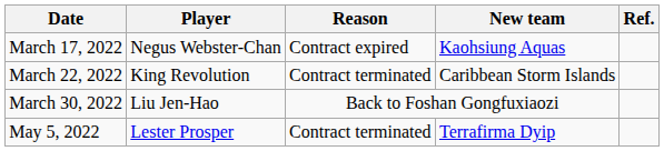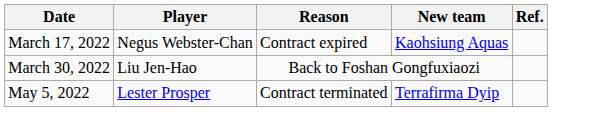 <table class="wikitable">
 <tr>
 <th>Date</th>
 <th>Player</th>
 <th>Reason</th>
 <th>New team</th>
 <th>Ref.</th>
 </tr>
 <tr>
 <td>March 17, 2022</td>
 <td>Negus Webster-Chan</td>
 <td>Contract expired</td>
 <td> <a href='#'>Kaohsiung Aquas</a></td>
 <td></td>
 </tr>
 <tr>
-<td>March 22, 2022</td>
-<td>King Revolution</td>
-<td>Contract terminated</td>
-<td> Caribbean Storm Islands</td>
-<td></td>
-</tr>
-<tr>
 <td>March 30, 2022</td>
 <td>Liu Jen-Hao</td>
 <td colspan=2 align=center>Back to Foshan Gongfuxiaozi</td>
 <td></td>
 </tr>
 <tr>
 <td>May 5, 2022</td>
 <td><a href='#'>Lester Prosper</a></td>
 <td>Contract terminated</td>
 <td> <a href='#'>Terrafirma Dyip</a></td>
 <td></td>
 </tr>
 </table>
